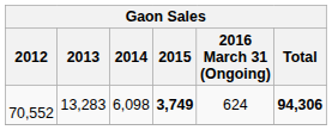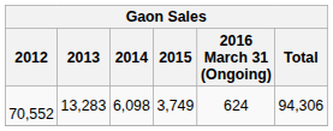 <table class="wikitable plainrowheaders" style="text-align:center;">
 <tr>
 <th scope="col" colspan="6" style="width:140px;">Gaon Sales</th>
 </tr>
 <tr>
 <th width="30">2012</th>
 <th width="30">2013</th>
 <th width="30">2014</th>
 <th width="30">2015</th>
 <th width="30">2016 March 31 (Ongoing)</th>
 <th width="30">Total</th>
 </tr>
 <tr>
 <td><br>70,552</td>
 <td>13,283</td>
 <td>6,098</td>
-<td><strong>3,749</strong></td>
+<td>3,749</td>
 <td>624</td>
-<td><strong>94,306</strong></td>
+<td>94,306</td>
 </tr>
 <tr>
 </tr>
 </table>
